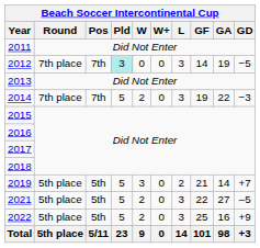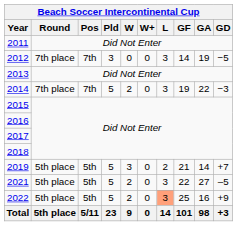 <table class="wikitable" style="text-align: center;">
 <tr>
 <th colspan=10><a href='#'>Beach Soccer Intercontinental Cup</a></th>
 </tr>
 <tr>
 <th>Year</th>
 <th>Round</th>
 <th width=20>Pos</th>
 <th width=20>Pld</th>
 <th width=20>W</th>
 <th width=20>W+</th>
 <th width=20>L</th>
 <th width=20>GF</th>
 <th width=20>GA</th>
 <th width=20>GD</th>
 </tr>
 <tr>
 <td> <a href='#'>2011</a></td>
 <td colspan=9><em>Did Not Enter</em></td>
 </tr>
 <tr>
 <td> <a href='#'>2012</a></td>
 <td>7th place</td>
 <td>7th</td>
-<td style="background: paleturquoise;">3</td>
+<td>3</td>
 <td>0</td>
 <td>0</td>
 <td>3</td>
 <td>14</td>
 <td>19</td>
 <td>−5</td>
 </tr>
 <tr>
 <td> <a href='#'>2013</a></td>
 <td colspan=9><em>Did Not Enter</em></td>
 </tr>
 <tr>
 <td> <a href='#'>2014</a></td>
 <td>7th place</td>
 <td>7th</td>
 <td>5</td>
 <td>2</td>
 <td>0</td>
 <td>3</td>
 <td>19</td>
 <td>22</td>
 <td>−3</td>
 </tr>
 <tr>
 <td> <a href='#'>2015</a></td>
 <td rowspan=4 colspan=9><em>Did Not Enter</em></td>
 </tr>
 <tr>
 <td> <a href='#'>2016</a></td>
 </tr>
 <tr>
 <td> <a href='#'>2017</a></td>
 </tr>
 <tr>
 <td> <a href='#'>2018</a></td>
 </tr>
 <tr>
 <td> <a href='#'>2019</a></td>
 <td>5th place</td>
 <td>5th</td>
 <td>5</td>
 <td>3</td>
 <td>0</td>
 <td>2</td>
 <td>21</td>
 <td>14</td>
 <td>+7</td>
 </tr>
 <tr>
 <td> <a href='#'>2021</a></td>
 <td>5th place</td>
 <td>5th</td>
 <td>5</td>
 <td>2</td>
 <td>0</td>
 <td>3</td>
 <td>22</td>
 <td>27</td>
 <td>–5</td>
 </tr>
 <tr>
 <td> <a href='#'>2022</a></td>
 <td>5th place</td>
 <td>5th</td>
 <td>5</td>
 <td>2</td>
 <td>0</td>
-<td>3</td>
+<td style="background: lightsalmon;">3</td>
 <td>25</td>
 <td>16</td>
 <td>+9</td>
 </tr>
 <tr>
 <th>Total</th>
 <th>5th place</th>
 <th>5/11</th>
 <th>23</th>
 <th>9</th>
 <th>0</th>
 <th>14</th>
 <th>101</th>
 <th>98</th>
 <th>+3</th>
 </tr>
 </table>
